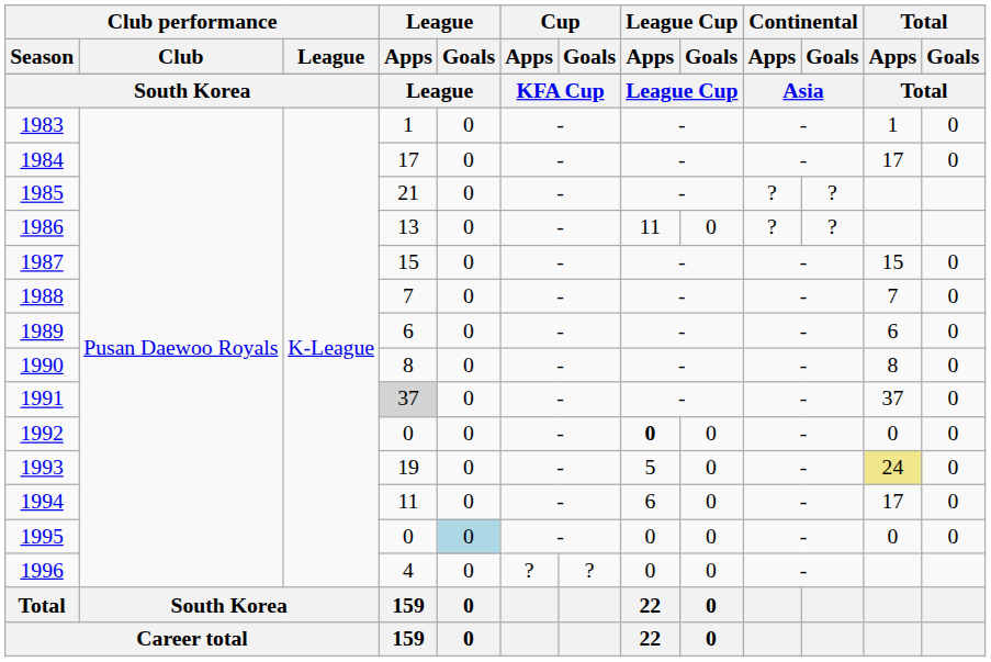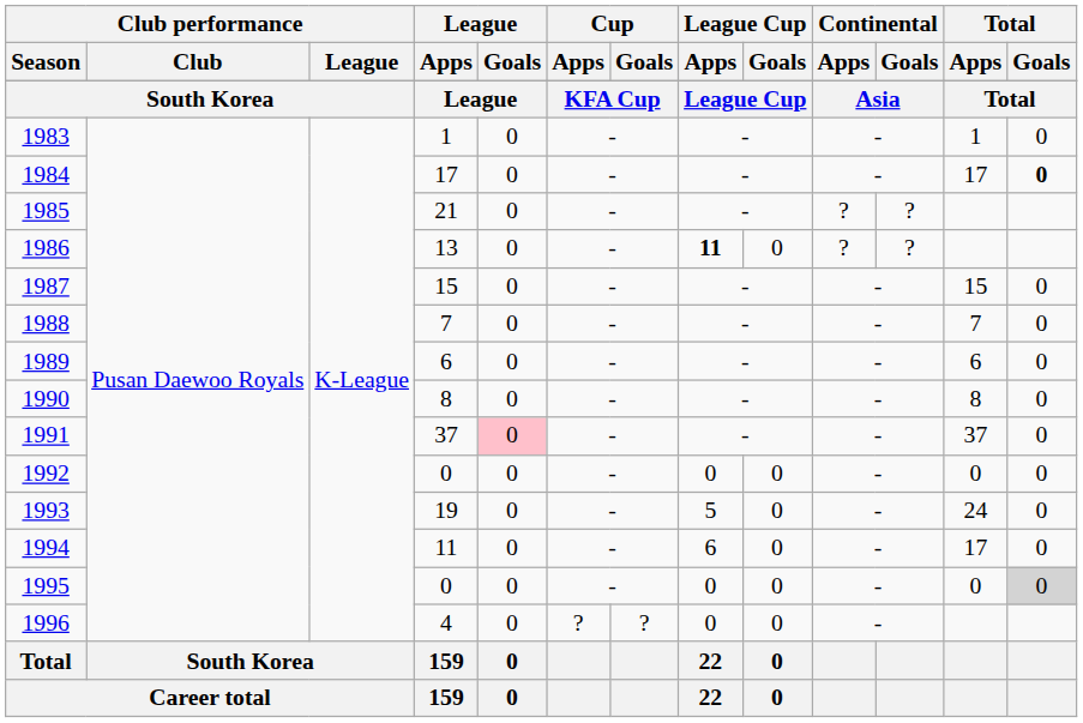 <table class="wikitable" style="text-align:center">
 <tr>
 <th colspan=3>Club performance</th>
 <th colspan=2>League</th>
 <th colspan=2>Cup</th>
 <th colspan=2>League Cup</th>
 <th colspan=2>Continental</th>
 <th colspan=2>Total</th>
 </tr>
 <tr>
 <th>Season</th>
 <th>Club</th>
 <th>League</th>
 <th>Apps</th>
 <th>Goals</th>
 <th>Apps</th>
 <th>Goals</th>
 <th>Apps</th>
 <th>Goals</th>
 <th>Apps</th>
 <th>Goals</th>
 <th>Apps</th>
 <th>Goals</th>
 </tr>
 <tr>
 </tr>
 <tr>
 <th colspan=3>South Korea</th>
 <th colspan=2>League</th>
 <th colspan=2><a href='#'>KFA Cup</a></th>
 <th colspan=2><a href='#'>League Cup</a></th>
 <th colspan=2><a href='#'>Asia</a></th>
 <th colspan=2>Total</th>
 </tr>
 <tr>
 <td><a href='#'>1983</a></td>
 <td rowspan="14"><a href='#'>Pusan Daewoo Royals</a></td>
 <td rowspan="14"><a href='#'>K-League</a></td>
 <td>1</td>
 <td>0</td>
 <td colspan="2">-</td>
 <td colspan="2">-</td>
 <td colspan="2">-</td>
 <td>1</td>
 <td>0</td>
 </tr>
 <tr>
 <td><a href='#'>1984</a></td>
 <td>17</td>
 <td>0</td>
 <td colspan="2">-</td>
 <td colspan="2">-</td>
 <td colspan="2">-</td>
 <td>17</td>
-<td>0</td>
+<td><strong>0</strong></td>
 </tr>
 <tr>
 <td><a href='#'>1985</a></td>
 <td>21</td>
 <td>0</td>
 <td colspan="2">-</td>
 <td colspan="2">-</td>
 <td>?</td>
 <td>?</td>
 <td></td>
 <td></td>
 </tr>
 <tr>
 <td><a href='#'>1986</a></td>
 <td>13</td>
 <td>0</td>
 <td colspan="2">-</td>
-<td>11</td>
+<td><strong>11</strong></td>
 <td>0</td>
 <td>?</td>
 <td>?</td>
 <td></td>
 <td></td>
 </tr>
 <tr>
 <td><a href='#'>1987</a></td>
 <td>15</td>
 <td>0</td>
 <td colspan="2">-</td>
 <td colspan="2">-</td>
 <td colspan="2">-</td>
 <td>15</td>
 <td>0</td>
 </tr>
 <tr>
 <td><a href='#'>1988</a></td>
 <td>7</td>
 <td>0</td>
 <td colspan="2">-</td>
 <td colspan="2">-</td>
 <td colspan="2">-</td>
 <td>7</td>
 <td>0</td>
 </tr>
 <tr>
 <td><a href='#'>1989</a></td>
 <td>6</td>
 <td>0</td>
 <td colspan="2">-</td>
 <td colspan="2">-</td>
 <td colspan="2">-</td>
 <td>6</td>
 <td>0</td>
 </tr>
 <tr>
 <td><a href='#'>1990</a></td>
 <td>8</td>
 <td>0</td>
 <td colspan="2">-</td>
 <td colspan="2">-</td>
 <td colspan="2">-</td>
 <td>8</td>
 <td>0</td>
 </tr>
 <tr>
 <td><a href='#'>1991</a></td>
-<td style="background: lightgrey;">37</td>
-<td>0</td>
+<td>37</td>
+<td style="background: pink;">0</td>
 <td colspan="2">-</td>
 <td colspan="2">-</td>
 <td colspan="2">-</td>
 <td>37</td>
 <td>0</td>
 </tr>
 <tr>
 <td><a href='#'>1992</a></td>
 <td>0</td>
 <td>0</td>
 <td colspan="2">-</td>
-<td><strong>0</strong></td>
+<td>0</td>
 <td>0</td>
 <td colspan="2">-</td>
 <td>0</td>
 <td>0</td>
 </tr>
 <tr>
 <td><a href='#'>1993</a></td>
 <td>19</td>
 <td>0</td>
 <td colspan="2">-</td>
 <td>5</td>
 <td>0</td>
 <td colspan="2">-</td>
-<td style="background: khaki;">24</td>
+<td>24</td>
 <td>0</td>
 </tr>
 <tr>
 <td><a href='#'>1994</a></td>
 <td>11</td>
 <td>0</td>
 <td colspan="2">-</td>
 <td>6</td>
 <td>0</td>
 <td colspan="2">-</td>
 <td>17</td>
 <td>0</td>
 </tr>
 <tr>
 <td><a href='#'>1995</a></td>
 <td>0</td>
-<td style="background: lightblue;">0</td>
+<td>0</td>
 <td colspan="2">-</td>
 <td>0</td>
 <td>0</td>
 <td colspan="2">-</td>
 <td>0</td>
-<td>0</td>
+<td style="background: lightgrey;">0</td>
 </tr>
 <tr>
 <td><a href='#'>1996</a></td>
 <td>4</td>
 <td>0</td>
 <td>?</td>
 <td>?</td>
 <td>0</td>
 <td>0</td>
 <td colspan="2">-</td>
 <td></td>
 <td></td>
 </tr>
 <tr>
 <th rowspan=1>Total</th>
 <th colspan=2>South Korea</th>
 <th>159</th>
 <th>0</th>
 <th></th>
 <th></th>
 <th>22</th>
 <th>0</th>
 <th></th>
 <th></th>
 <th></th>
 <th></th>
 </tr>
 <tr>
 <th colspan=3>Career total</th>
 <th>159</th>
 <th>0</th>
 <th></th>
 <th></th>
 <th>22</th>
 <th>0</th>
 <th></th>
 <th></th>
 <th></th>
 <th></th>
 </tr>
 </table>
